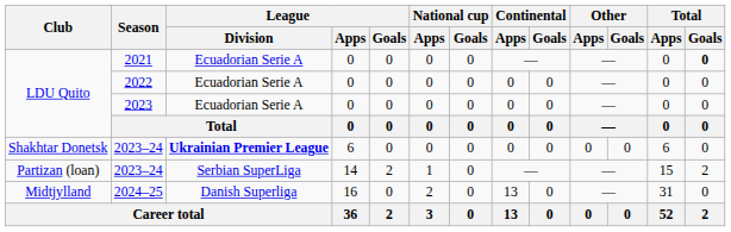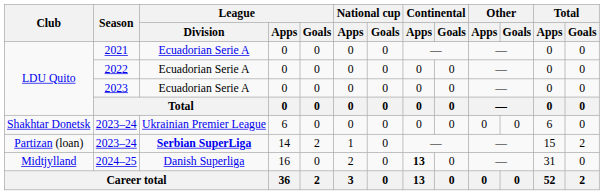 <table class="wikitable" style="text-align: center">
 <tr>
 <th rowspan="2">Club</th>
 <th rowspan="2">Season</th>
 <th colspan="3">League</th>
 <th colspan="2">National cup</th>
 <th colspan="2">Continental</th>
 <th colspan="2">Other</th>
 <th colspan="2">Total</th>
 </tr>
 <tr>
 <th>Division</th>
 <th>Apps</th>
 <th>Goals</th>
 <th>Apps</th>
 <th>Goals</th>
 <th>Apps</th>
 <th>Goals</th>
 <th>Apps</th>
 <th>Goals</th>
 <th>Apps</th>
 <th>Goals</th>
 </tr>
 <tr>
 <td rowspan="4"><a href='#'>LDU Quito</a></td>
 <td><a href='#'>2021</a></td>
 <td><a href='#'>Ecuadorian Serie A</a></td>
 <td>0</td>
 <td>0</td>
 <td>0</td>
 <td>0</td>
 <td colspan="2">—</td>
 <td colspan="2">—</td>
 <td>0</td>
-<td><strong>0</strong></td>
+<td>0</td>
 </tr>
 <tr>
 <td><a href='#'>2022</a></td>
 <td>Ecuadorian Serie A</td>
 <td>0</td>
 <td>0</td>
 <td>0</td>
 <td>0</td>
 <td>0</td>
 <td>0</td>
 <td colspan="2">—</td>
 <td>0</td>
 <td>0</td>
 </tr>
 <tr>
 <td><a href='#'>2023</a></td>
 <td>Ecuadorian Serie A</td>
 <td>0</td>
 <td>0</td>
 <td>0</td>
 <td>0</td>
 <td>0</td>
 <td>0</td>
 <td colspan="2">—</td>
 <td>0</td>
 <td>0</td>
 </tr>
 <tr>
 <th colspan="2">Total</th>
 <th>0</th>
 <th>0</th>
 <th>0</th>
 <th>0</th>
 <th>0</th>
 <th>0</th>
 <th colspan="2">—</th>
 <th>0</th>
 <th>0</th>
 </tr>
 <tr>
 <td><a href='#'>Shakhtar Donetsk</a></td>
 <td><a href='#'>2023–24</a></td>
-<td><strong><a href='#'>Ukrainian Premier League</a></strong></td>
+<td><a href='#'>Ukrainian Premier League</a></td>
 <td>6</td>
 <td>0</td>
 <td>0</td>
 <td>0</td>
 <td>0</td>
 <td>0</td>
 <td>0</td>
 <td>0</td>
 <td>6</td>
 <td>0</td>
 </tr>
 <tr>
 <td><a href='#'>Partizan</a> (loan)</td>
 <td><a href='#'>2023–24</a></td>
-<td><a href='#'>Serbian SuperLiga</a></td>
+<td><strong><a href='#'>Serbian SuperLiga</a></strong></td>
 <td>14</td>
 <td>2</td>
 <td>1</td>
 <td>0</td>
 <td colspan="2">—</td>
 <td colspan="2">—</td>
 <td>15</td>
 <td>2</td>
 </tr>
 <tr>
 <td><a href='#'>Midtjylland</a></td>
 <td><a href='#'>2024–25</a></td>
 <td><a href='#'>Danish Superliga</a></td>
 <td>16</td>
 <td>0</td>
 <td>2</td>
 <td>0</td>
-<td>13</td>
+<td><strong>13</strong></td>
 <td>0</td>
 <td colspan="2">—</td>
 <td>31</td>
 <td>0</td>
 </tr>
 <tr>
 <th colspan="3">Career total</th>
 <th>36</th>
 <th>2</th>
 <th>3</th>
 <th>0</th>
 <th>13</th>
 <th>0</th>
 <th>0</th>
 <th>0</th>
 <th>52</th>
 <th>2</th>
 </tr>
 </table>
